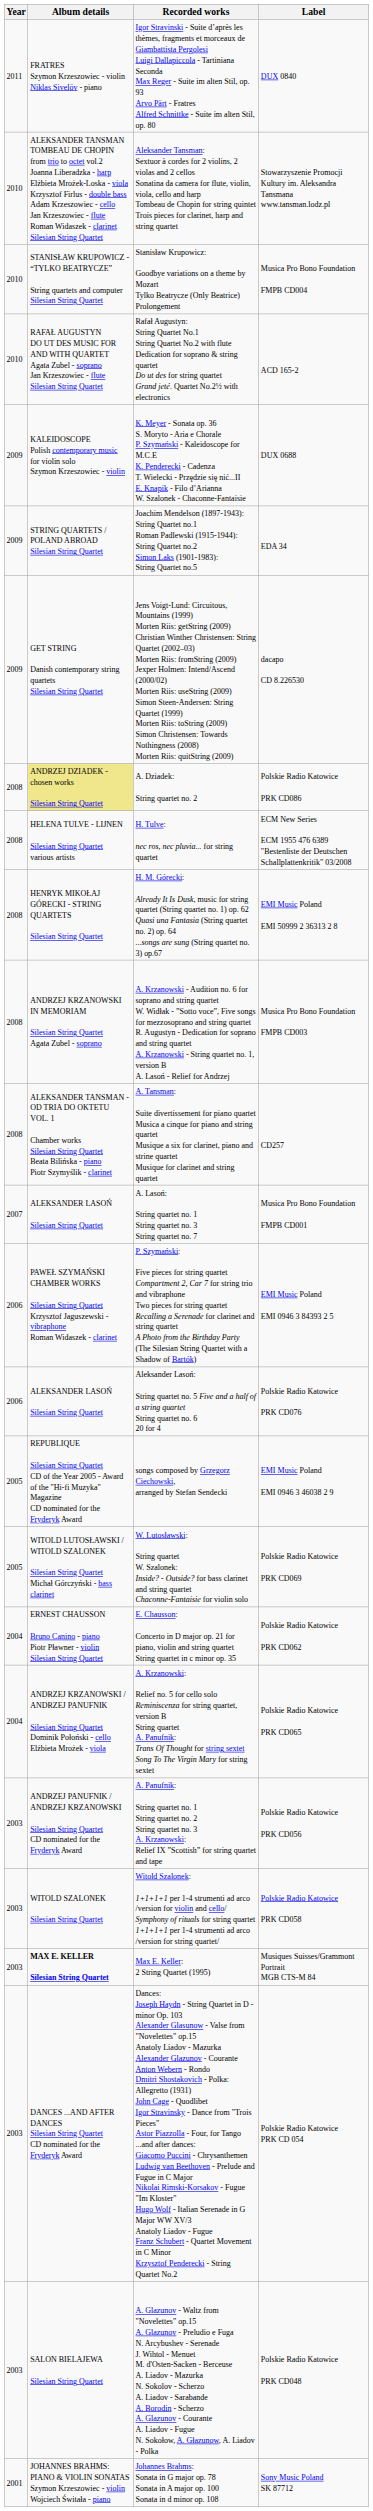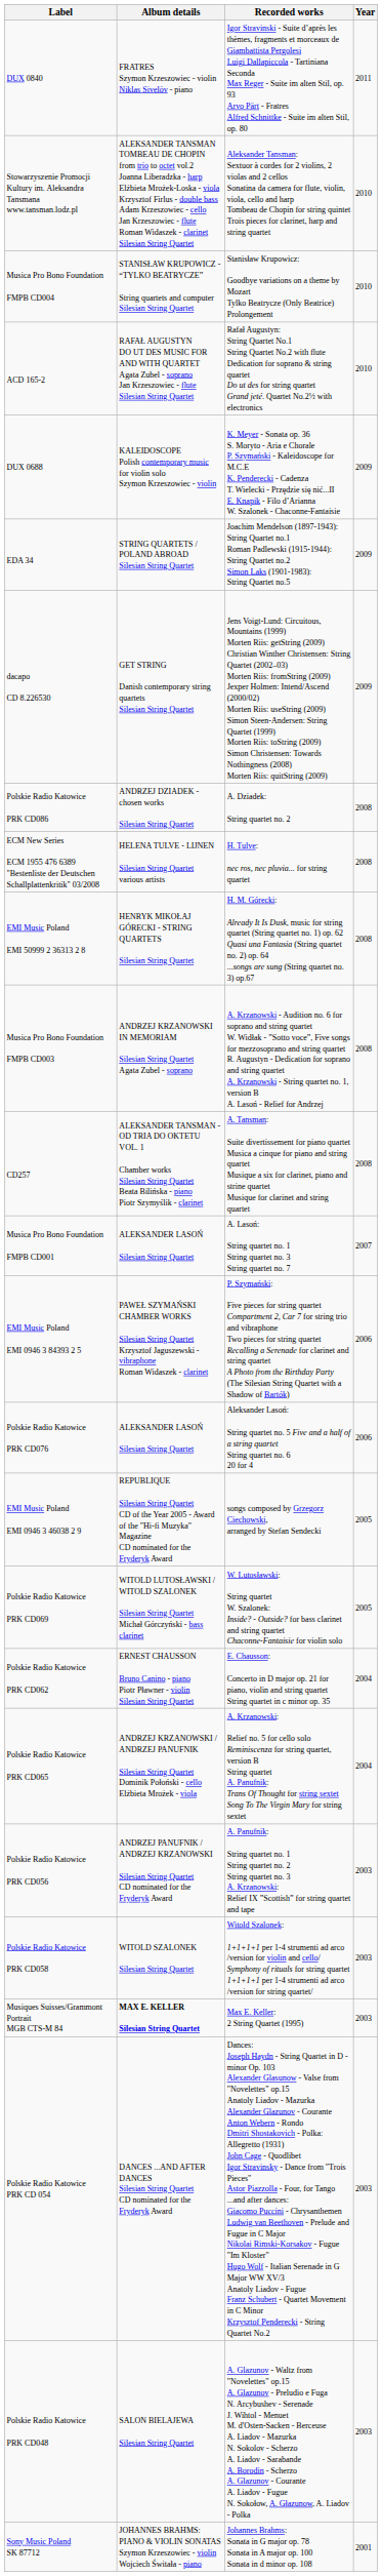 <table class="wikitable">
 <tr>
-<th>Year</th>
+<th>Label</th>
 <th>Album details</th>
 <th>Recorded works</th>
-<th>Label</th>
+<th>Year</th>
 </tr>
 <tr>
-<td><small>2011</small></td>
+<td><small><a href='#'>DUX</a> 0840</small></td>
 <td><small>FRATRES<br>Szymon Krzeszowiec - violin<br><a href='#'>Niklas Sivelöv</a> - piano</small><br></td>
 <td><small><a href='#'>Igor Stravinski</a> - Suite d’après les thèmes, fragments et morceaux de <a href='#'>Giambattista Pergolesi</a><br><a href='#'>Luigi Dallapiccola</a> - Tartiniana Seconda<br><a href='#'>Max Reger</a> - Suite im alten Stil, op. 93<br><a href='#'>Arvo Pärt</a> - Fratres<br><a href='#'>Alfred Schnittke</a> - Suite im alten Stil, op. 80</small><br></td>
-<td><small><a href='#'>DUX</a> 0840</small></td>
+<td><small>2011</small></td>
 </tr>
 <tr>
-<td><small>2010</small></td>
+<td><small>Stowarzyszenie Promocji Kultury im. Aleksandra Tansmana<br>www.tansman.lodz.pl</small><br></td>
 <td><small>ALEKSANDER TANSMAN<br>TOMBEAU DE CHOPIN<br>from <a href='#'>trio</a> to <a href='#'>octet</a> vol.2<br>Joanna Liberadzka - <a href='#'>harp</a><br>Elżbieta Mrożek-Loska - <a href='#'>viola</a><br>Krzysztof Firlus - <a href='#'>double bass</a><br>Adam Krzeszowiec - <a href='#'>cello</a><br>Jan Krzeszowiec - <a href='#'>flute</a><br>Roman Widaszek - <a href='#'>clarinet</a><br><a href='#'>Silesian String Quartet</a></small><br></td>
 <td><small><a href='#'>Aleksander Tansman</a>:<br>Sextuor à cordes for 2 violins, 2 violas and 2 cellos<br>Sonatina da camera for flute, violin, viola, cello and harp<br>Tombeau de Chopin for string quintet<br>Trois pieces for clarinet, harp and string quartet</small><br></td>
-<td><small>Stowarzyszenie Promocji Kultury im. Aleksandra Tansmana<br>www.tansman.lodz.pl</small><br></td>
+<td><small>2010</small></td>
 </tr>
 <tr>
-<td><small>2010</small></td>
+<td><small>Musica Pro Bono Foundation</small><br><br><small>FMPB CD004</small><br></td>
 <td><small>STANISŁAW KRUPOWICZ - “TYLKO BEATRYCZE”</small><br><br><small>String quartets and computer</small><br> <small><a href='#'>Silesian String Quartet</a></small><br></td>
 <td><small>Stanisław Krupowicz:</small><br><br><small>Goodbye variations on a theme by Mozart</small><br> <small>Tylko Beatrycze (Only Beatrice)</small><br> <small>Prolongement</small><br></td>
-<td><small>Musica Pro Bono Foundation</small><br><br><small>FMPB CD004</small><br></td>
+<td><small>2010</small></td>
 </tr>
 <tr>
-<td><small>2010</small></td>
+<td><small><br><br>ACD 165-2</small><br></td>
 <td><small>RAFAŁ AUGUSTYN<br>DO UT DES MUSIC FOR AND WITH QUARTET<br>Agata Zubel - <a href='#'>soprano</a><br>Jan Krzeszowiec - <a href='#'>flute</a><br><a href='#'>Silesian String Quartet</a></small><br></td>
 <td><small>Rafał Augustyn:<br>String Quartet No.1<br>String Quartet No.2 with flute<br>Dedication for soprano & string quartet<br><em>Do ut des</em> for string quartet<br><em>Grand jeté</em>. Quartet No.2½ with electronics</small><br></td>
-<td><small><br><br>ACD 165-2</small><br></td>
+<td><small>2010</small></td>
 </tr>
 <tr>
-<td><small>2009</small></td>
+<td><small>DUX 0688</small></td>
 <td><small>KALEIDOSCOPE<br>Polish <a href='#'>contemporary music</a> <br>for violin solo<br>Szymon Krzeszowiec - <a href='#'>violin</a></small><br></td>
 <td><small><br><a href='#'>K. Meyer</a> - Sonata op. 36<br>S. Moryto - Aria e Chorale<br><a href='#'>P. Szymański</a> - Kaleidoscope for M.C.E<br><a href='#'>K. Penderecki</a> - Cadenza<br>T. Wielecki - Przędzie się nić...II<br><a href='#'>E. Knapik</a> - Filo d’Arianna<br>W. Szalonek - Chaconne-Fantaisie</small><br></td>
-<td><small>DUX 0688</small></td>
+<td><small>2009</small></td>
 </tr>
 <tr>
-<td><small>2009</small></td>
+<td><small><br>EDA 34</small></td>
 <td><small>STRING QUARTETS / POLAND ABROAD<br><a href='#'>Silesian String Quartet</a></small><br></td>
 <td><small>Joachim Mendelson (1897-1943):<br>String Quartet no.1<br>Roman Padlewski (1915-1944):<br>String Quartet no.2<br><a href='#'>Simon Laks</a> (1901-1983):<br>String Quartet no.5</small><br></td>
-<td><small><br>EDA 34</small></td>
+<td><small>2009</small></td>
 </tr>
 <tr>
-<td><small>2009</small></td>
+<td><small>dacapo</small><br><br><small>CD 8.226530</small><br></td>
 <td><small>GET STRING</small><br><br><small>Danish contemporary string quartets</small><br> <small><a href='#'>Silesian String Quartet</a></small><br></td>
 <td><br><br><small>Jens Voigt-Lund: Circuitous, Mountains (1999)<br>Morten Riis: getString (2009)<br>Christian Winther Christensen: String Quartet (2002–03)<br>Morten Riis: fromString (2009)<br>Jexper Holmen: Intend/Ascend (2000/02)<br>Morten Riis: useString (2009)<br>Simon Steen-Andersen: String Quartet (1999)<br>Morten Riis: toString (2009)<br>Simon Christensen: Towards Nothingness (2008)<br>Morten Riis: quitString (2009)</small><br></td>
-<td><small>dacapo</small><br><br><small>CD 8.226530</small><br></td>
+<td><small>2009</small></td>
 </tr>
 <tr>
+<td><small>Polskie Radio Katowice</small><br><br><small>PRK CD086</small><br></td>
+<td><small>ANDRZEJ DZIADEK - chosen works</small><br><br><small><a href='#'>Silesian String Quartet</a></small><br></td>
+<td><small>A. Dziadek:</small><br><br><small>String quartet no. 2</small><br></td>
 <td><small>2008</small></td>
-<td style="background: khaki;"><small>ANDRZEJ DZIADEK - chosen works</small><br><br><small><a href='#'>Silesian String Quartet</a></small><br></td>
-<td><small>A. Dziadek:</small><br><br><small>String quartet no. 2</small><br></td>
-<td><small>Polskie Radio Katowice</small><br><br><small>PRK CD086</small><br></td>
 </tr>
 <tr>
-<td><small>2008</small></td>
+<td><small>ECM New Series</small><br><br><small>ECM 1955 476 6389</small><br> <small>"Bestenliste der Deutschen Schallplattenkritik" 03/2008</small><br></td>
 <td><small>HELENA TULVE - LIJNEN</small><br><br><small><a href='#'>Silesian String Quartet</a></small><br> <small>various artists</small><br></td>
 <td><small><a href='#'>H. Tulve</a>:</small><br><br><small><em>nec ros, nec pluvia...</em> for string quartet</small><br></td>
-<td><small>ECM New Series</small><br><br><small>ECM 1955 476 6389</small><br> <small>"Bestenliste der Deutschen Schallplattenkritik" 03/2008</small><br></td>
+<td><small>2008</small></td>
 </tr>
 <tr>
-<td><small>2008</small></td>
+<td><small><a href='#'>EMI Music</a> Poland</small><br><br><small>EMI 50999 2 36313 2 8</small><br></td>
 <td><small>HENRYK MIKOŁAJ GÓRECKI - STRING QUARTETS</small><br><br><small><a href='#'>Silesian String Quartet</a></small><br></td>
 <td><small><a href='#'>H. M. Górecki</a>:</small><br><br><small><em>Already It Is Dusk</em>, music for string quartet (String quartet no. 1) op. 62</small><br> <small><em>Quasi una Fantasia</em> (String quartet no. 2) op. 64</small><br> <small><em>...songs are sung</em> (String quartet no. 3) op.67</small><br></td>
-<td><small><a href='#'>EMI Music</a> Poland</small><br><br><small>EMI 50999 2 36313 2 8</small><br></td>
+<td><small>2008</small></td>
 </tr>
 <tr>
-<td><small>2008</small></td>
+<td><small>Musica Pro Bono Foundation</small><br><br><small>FMPB CD003</small><br></td>
 <td><small>ANDRZEJ KRZANOWSKI IN MEMORIAM</small><br><br><small><a href='#'>Silesian String Quartet</a></small><br> <small>Agata Zubel - <a href='#'>soprano</a></small><br></td>
 <td><br><br><small><a href='#'>A. Krzanowski</a> - Audition no. 6 for soprano and string quartet</small><br> <small>W. Widłak - ”Sotto voce”, Five songs for mezzosoprano and string quartet</small><br> <small>R. Augustyn - Dedication for soprano and string quartet</small><br> <small><a href='#'>A. Krzanowski</a> - String quartet no. 1, version B</small><br> <small>A. Lasoń - Relief for Andrzej</small><br></td>
-<td><small>Musica Pro Bono Foundation</small><br><br><small>FMPB CD003</small><br></td>
+<td><small>2008</small></td>
 </tr>
 <tr>
-<td><small>2008</small></td>
+<td><small></small><br><br><small>CD257</small><br></td>
 <td><small>ALEKSANDER TANSMAN - OD TRIA DO OKTETU <br>VOL. 1</small><br><br><small>Chamber works</small><br> <small><a href='#'>Silesian String Quartet</a></small><br> <small>Beata Bilińska - <a href='#'>piano</a></small><br> <small>Piotr Szymyślik - <a href='#'>clarinet</a></small><br></td>
 <td><small><a href='#'>A. Tansman</a>:</small><br><br><small>Suite divertissement for piano quartet</small><br> <small>Musica a cinque for piano and string quartet</small><br> <small>Musique a six for clarinet, piano and strine quartet</small><br> <small>Musique for clarinet and string quartet</small><br></td>
-<td><small></small><br><br><small>CD257</small><br></td>
+<td><small>2008</small></td>
 </tr>
 <tr>
-<td><small>2007</small></td>
+<td><small>Musica Pro Bono Foundation</small><br><br><small>FMPB CD001</small><br></td>
 <td><small>ALEKSANDER LASOŃ</small><br><br><small><a href='#'>Silesian String Quartet</a></small><br></td>
 <td><small>A. Lasoń:</small><br><br><small>String quartet no. 1</small><br> <small>String quartet no. 3</small><br> <small>String quartet no. 7</small> <br></td>
-<td><small>Musica Pro Bono Foundation</small><br><br><small>FMPB CD001</small><br></td>
+<td><small>2007</small></td>
 </tr>
 <tr>
-<td><small>2006</small></td>
+<td><small><a href='#'>EMI Music</a> Poland</small><br><br><small>EMI 0946 3 84393 2 5</small><br></td>
 <td><small>PAWEŁ SZYMAŃSKI<br>CHAMBER WORKS</small><br><br><small><a href='#'>Silesian String Quartet</a></small><br> <small>Krzysztof Jaguszewski - <a href='#'>vibraphone</a></small><br> <small>Roman Widaszek - <a href='#'>clarinet</a></small><br></td>
 <td><small><a href='#'>P. Szymański</a>:</small><br><br><small>Five pieces for string quartet</small><br> <small><em>Compartment 2, Car 7</em>  for string trio and vibraphone</small><br> <small>Two pieces for string quartet</small><br> <small><em>Recalling a Serenade</em> for clarinet and string quartet</small><br> <small><em>A Photo from the Birthday Party</em> (The Silesian String Quartet with a Shadow of <a href='#'>Bartók</a>)</small><br></td>
-<td><small><a href='#'>EMI Music</a> Poland</small><br><br><small>EMI 0946 3 84393 2 5</small><br></td>
+<td><small>2006</small></td>
 </tr>
 <tr>
-<td><small>2006</small></td>
+<td><small>Polskie Radio Katowice</small><br><br><small>PRK CD076</small><br></td>
 <td><small>ALEKSANDER LASOŃ</small><br><br><small><a href='#'>Silesian String Quartet</a></small><br></td>
 <td><small>Aleksander Lasoń:</small><br><br><small>String quartet no. 5 <em>Five and a half of a string quartet</em></small><br> <small>String quartet no. 6</small><br> <small>20 for 4</small><br></td>
-<td><small>Polskie Radio Katowice</small><br><br><small>PRK CD076</small><br></td>
+<td><small>2006</small></td>
 </tr>
 <tr>
-<td><small>2005</small></td>
+<td><small><a href='#'>EMI Music</a> Poland</small><br><br><small>EMI 0946 3 46038 2 9</small><br></td>
 <td><small>REPUBLIQUE</small><br><br><small><a href='#'>Silesian String Quartet</a><br>CD of the Year 2005 - Award of the "Hi-fi Muzyka" Magazine<br>CD nominated for the <a href='#'>Fryderyk</a> Award</small><br></td>
 <td><small>songs composed by <a href='#'>Grzegorz Ciechowski</a>,<br>arranged by Stefan Sendecki</small><br></td>
-<td><small><a href='#'>EMI Music</a> Poland</small><br><br><small>EMI 0946 3 46038 2 9</small><br></td>
+<td><small>2005</small></td>
 </tr>
 <tr>
-<td><small>2005</small></td>
+<td><small>Polskie Radio Katowice</small><br><br><small>PRK CD069</small><br></td>
 <td><small>WITOLD LUTOSŁAWSKI / WITOLD SZALONEK</small><br><br><small><a href='#'>Silesian String Quartet</a></small><br> <small>Michał Górczyński - <a href='#'>bass clarinet</a></small><br></td>
 <td><small><a href='#'>W. Lutosławski</a>:</small><br><br><small>String quartet</small><br> <small>W. Szalonek:</small><br> <small><em>Inside? - Outside?</em>  for bass clarinet and string quartet</small><br> <small><em>Chaconne-Fantaisie</em> for violin solo</small><br></td>
-<td><small>Polskie Radio Katowice</small><br><br><small>PRK CD069</small><br></td>
+<td><small>2005</small></td>
 </tr>
 <tr>
-<td><small>2004</small></td>
+<td><small>Polskie Radio Katowice</small><br><br><small>PRK CD062</small><br></td>
 <td><small>ERNEST CHAUSSON</small><br><br><small><a href='#'>Bruno Canino</a> - <a href='#'>piano</a></small><br> <small>Piotr Pławner - <a href='#'>violin</a></small><br> <small><a href='#'>Silesian String Quartet</a></small><br></td>
 <td><small><a href='#'>E. Chausson</a>:</small><br><br><small>Concerto in D major op. 21 for piano, violin and string quartet</small><br> <small>String quartet in c minor op. 35</small><br></td>
-<td><small>Polskie Radio Katowice</small><br><br><small>PRK CD062</small><br></td>
+<td><small>2004</small></td>
 </tr>
 <tr>
-<td><small>2004</small></td>
+<td><small>Polskie Radio Katowice</small><br><br><small>PRK CD065</small><br></td>
 <td><small>ANDRZEJ KRZANOWSKI / ANDRZEJ PANUFNIK</small><br><br><small><a href='#'>Silesian String Quartet</a></small><br><small>Dominik Połoński - <a href='#'>cello</a></small><br> <small>Elżbieta Mrożek - <a href='#'>viola</a></small><br></td>
 <td><small><a href='#'>A. Krzanowski</a>:</small><br><br><small>Relief no. 5 for cello solo</small><br> <small><em>Reminiscenza</em> for string quartet, version B</small><br> <small>String quartet</small><br> <small><a href='#'>A. Panufnik</a>:</small><br> <small><em>Trans Of Thought</em> for <a href='#'>string sextet</a></small><br> <small><em>Song To The Virgin Mary</em> for string sextet</small><br></td>
-<td><small>Polskie Radio Katowice</small><br><br><small>PRK CD065</small><br></td>
+<td><small>2004</small></td>
 </tr>
 <tr>
-<td><small>2003</small></td>
+<td><small>Polskie Radio Katowice</small><br><br><small>PRK CD056</small><br></td>
 <td><small>ANDRZEJ PANUFNIK / ANDRZEJ KRZANOWSKI</small><br><br><small><a href='#'>Silesian String Quartet</a><br>CD nominated for the <a href='#'>Fryderyk</a> Award</small><br></td>
 <td><small><a href='#'>A. Panufnik</a>:</small><br><br><small>String quartet no. 1</small><br> <small>String quartet no. 2</small><br> <small>String quartet no. 3</small><br> <small><a href='#'>A. Krzanowski</a>:</small><br> <small>Relief IX ”Scottish” for string quartet and tape</small><br></td>
-<td><small>Polskie Radio Katowice</small><br><br><small>PRK CD056</small><br></td>
+<td><small>2003</small></td>
 </tr>
 <tr>
-<td><small>2003</small></td>
+<td><small><a href='#'>Polskie Radio Katowice</a></small><br><br><small>PRK CD058</small><br></td>
 <td><small>WITOLD SZALONEK</small><br><br><small><a href='#'>Silesian String Quartet</a></small><br></td>
 <td><small><a href='#'>Witold Szalonek</a>:</small><br><br><small><em>1+1+1+1</em> per 1-4 strumenti ad arco</small><br> <small>/version for <a href='#'>violin</a> and <a href='#'>cello</a>/</small><br> <small><em>Symphony of rituals</em> for string quartet</small><br> <small><em>1+1+1+1</em> per 1-4 strumenti ad arco</small><br> <small>/version for string quartet/</small><br></td>
-<td><small><a href='#'>Polskie Radio Katowice</a></small><br><br><small>PRK CD058</small><br></td>
+<td><small>2003</small></td>
 </tr>
 <tr>
-<td><small>2003</small></td>
+<td><small>Musiques Suisses/Grammont Portrait<br>MGB CTS-M 84</small></td>
 <td><strong><small>MAX E. KELLER</small><br><br><small><a href='#'>Silesian String Quartet</a></small><br></strong></td>
 <td><small> <a href='#'>Max E. Keller</a>:<br>2 String Quartet (1995)</small><br></td>
-<td><small>Musiques Suisses/Grammont Portrait<br>MGB CTS-M 84</small></td>
+<td><small>2003</small></td>
 </tr>
 <tr>
-<td><small>2003</small></td>
+<td><small>Polskie Radio Katowice<br>PRK CD 054</small></td>
 <td><small>DANCES ...AND AFTER DANCES<br><a href='#'>Silesian String Quartet</a><br>CD nominated for the <a href='#'>Fryderyk</a> Award</small><br></td>
 <td><small>Dances:<br><a href='#'>Joseph Haydn</a> - String Quartet in D - minor Op. 103<br><a href='#'>Alexander Glasunow</a> - Valse from "Novelettes" op.15<br>Anatoly Liadov - Mazurka<br><a href='#'>Alexander Glazunov</a> - Courante<br><a href='#'>Anton Webern</a> - Rondo<br><a href='#'>Dmitri Shostakovich</a> - Polka: Allegretto (1931)<br><a href='#'>John Cage</a> - Quodlibet<br><a href='#'>Igor Stravinsky</a> - Dance from "Trois Pieces"<br><a href='#'>Astor Piazzolla</a> - Four, for Tango<br>...and after dances:<br><a href='#'>Giacomo Puccini</a> - Chrysanthemen<br><a href='#'>Ludwig van Beethoven</a> - Prelude and Fugue in C Major<br><a href='#'>Nikolai Rimski-Korsakov</a> - Fugue "Im Kloster"<br><a href='#'>Hugo Wolf</a> - Italian Serenade in G Major WW XV/3<br>Anatoly Liadov - Fugue<br><a href='#'>Franz Schubert</a> - Quartet Movement in C Minor<br><a href='#'>Krzysztof Penderecki</a> - String Quartet No.2</small><br></td>
-<td><small>Polskie Radio Katowice<br>PRK CD 054</small></td>
+<td><small>2003</small></td>
 </tr>
 <tr>
-<td><small>2003</small></td>
+<td><small>Polskie Radio Katowice</small><br><br><small>PRK CD048</small><br></td>
 <td><small>SALON BIELAJEWA</small><br><br><small><a href='#'>Silesian String Quartet</a></small><br></td>
 <td><br><br><small><a href='#'>A. Glazunov</a> - Waltz from "Novelettes" op.15</small><br> <small><a href='#'>A. Glazunov</a> - Preludio e Fuga</small><br> <small>N. Arcybushev - Serenade</small><br> <small>J. Wihtol - Menuet</small><br> <small>M. d'Osten-Sacken - Berceuse</small><br> <small>A. Liadov - Mazurka</small><br> <small>N. Sokolov - Scherzo</small><br> <small>A. Liadov - Sarabande</small><br> <small><a href='#'>A. Borodin</a> - Scherzo</small><br> <small><a href='#'>A. Glazunov</a> - Courante</small><br> <small>A. Liadov - Fugue</small><br> <small>N. Sokołow, <a href='#'>A. Głazunow</a>, A. Liadov - Polka</small><br></td>
-<td><small>Polskie Radio Katowice</small><br><br><small>PRK CD048</small><br></td>
+<td><small>2003</small></td>
 </tr>
 <tr>
-<td><small>2001</small></td>
+<td><small><a href='#'>Sony Music Poland</a><br>SK 87712</small></td>
 <td><small>JOHANNES BRAHMS: <br>PIANO & VIOLIN SONATAS<br>Szymon Krzeszowiec - <a href='#'>violin</a><br>Wojciech Świtała - <a href='#'>piano</a></small><br></td>
 <td><small><a href='#'>Johannes Brahms</a>:<br>Sonata in G major op. 78<br>Sonata in A major op. 100<br>Sonata in d minor op. 108</small><br></td>
-<td><small><a href='#'>Sony Music Poland</a><br>SK 87712</small></td>
+<td><small>2001</small></td>
 </tr>
 </table>
